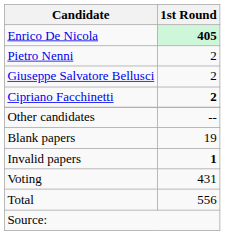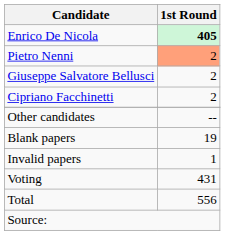 <table class="wikitable sortable" style="text-align:right">
 <tr>
 <th>Candidate</th>
 <th>1st Round</th>
 </tr>
 <tr>
 <td align="left"><a href='#'>Enrico De Nicola</a></td>
 <td bgcolor=#CEF6D8><strong>405</strong></td>
 </tr>
 <tr>
 <td align="left"><a href='#'>Pietro Nenni</a></td>
-<td>2</td>
+<td style="background: lightsalmon;">2</td>
 </tr>
 <tr>
 <td align="left"><a href='#'>Giuseppe Salvatore Bellusci</a></td>
 <td>2</td>
 </tr>
 <tr>
 <td align="left"><a href='#'>Cipriano Facchinetti</a></td>
-<td><strong>2</strong></td>
+<td>2</td>
 </tr>
 <tr>
 </tr>
 <tr class="sortbottom">
 <td align="left">Other candidates</td>
 <td>--</td>
 </tr>
 <tr class="sortbottom">
 <td align="left">Blank papers</td>
 <td>19</td>
 </tr>
 <tr class="sortbottom">
 <td align="left">Invalid papers</td>
-<td><strong>1</strong></td>
+<td>1</td>
 </tr>
 <tr class="sortbottom">
 <td align="left">Voting</td>
 <td>431</td>
 </tr>
 <tr class="sortbottom">
 <td align="left">Total</td>
 <td>556</td>
 </tr>
 <tr class="sortbottom">
 <td colspan="7" align="left">Source: </td>
 </tr>
 </table>
